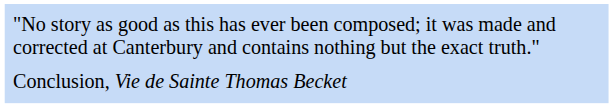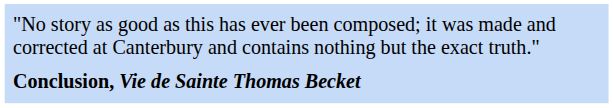 <table class="toccolours" style="float: left; margin-left: 1em; margin-right: 2em; font-size: 85%; background:#c6dbf7; color:black; width:30em; max-width: 40%;" cellspacing="5">
 <tr>
 <td style="text-align: left;">"No story as good as this has ever been composed; it was made and corrected at Canterbury and contains nothing but the exact truth."</td>
 </tr>
 <tr>
-<td style="text-align: left;">Conclusion, <em>Vie de Sainte Thomas Becket</em></td>
+<td style="text-align: left;"><strong>Conclusion, <em>Vie de Sainte Thomas Becket</em></strong></td>
 </tr>
 </table>
